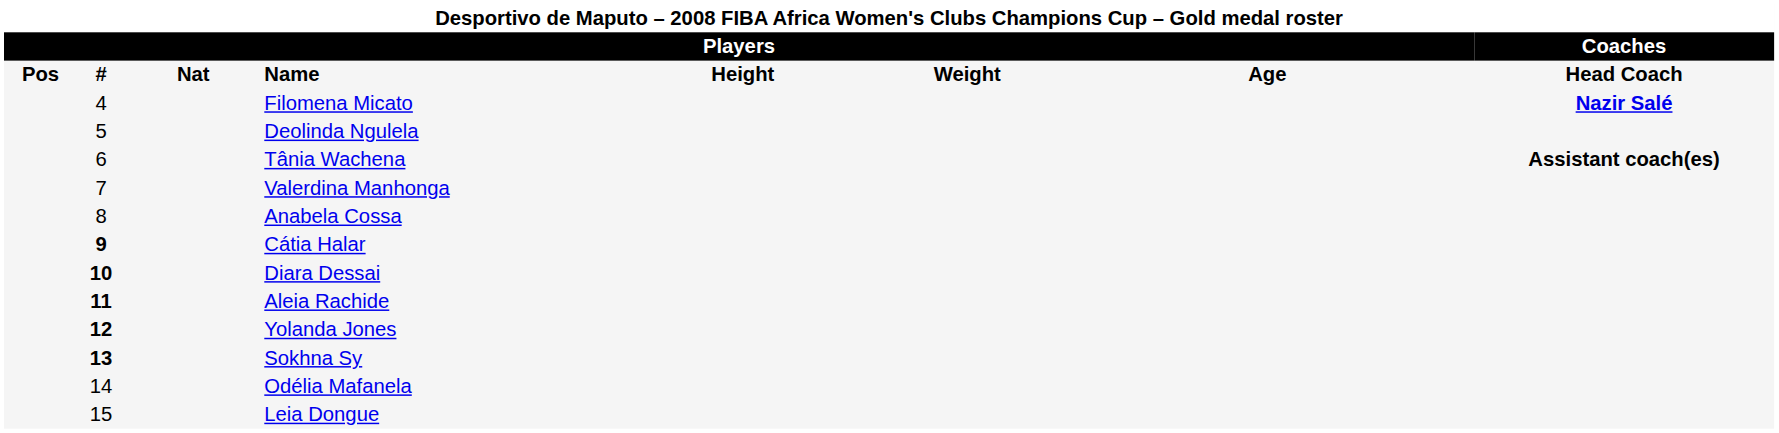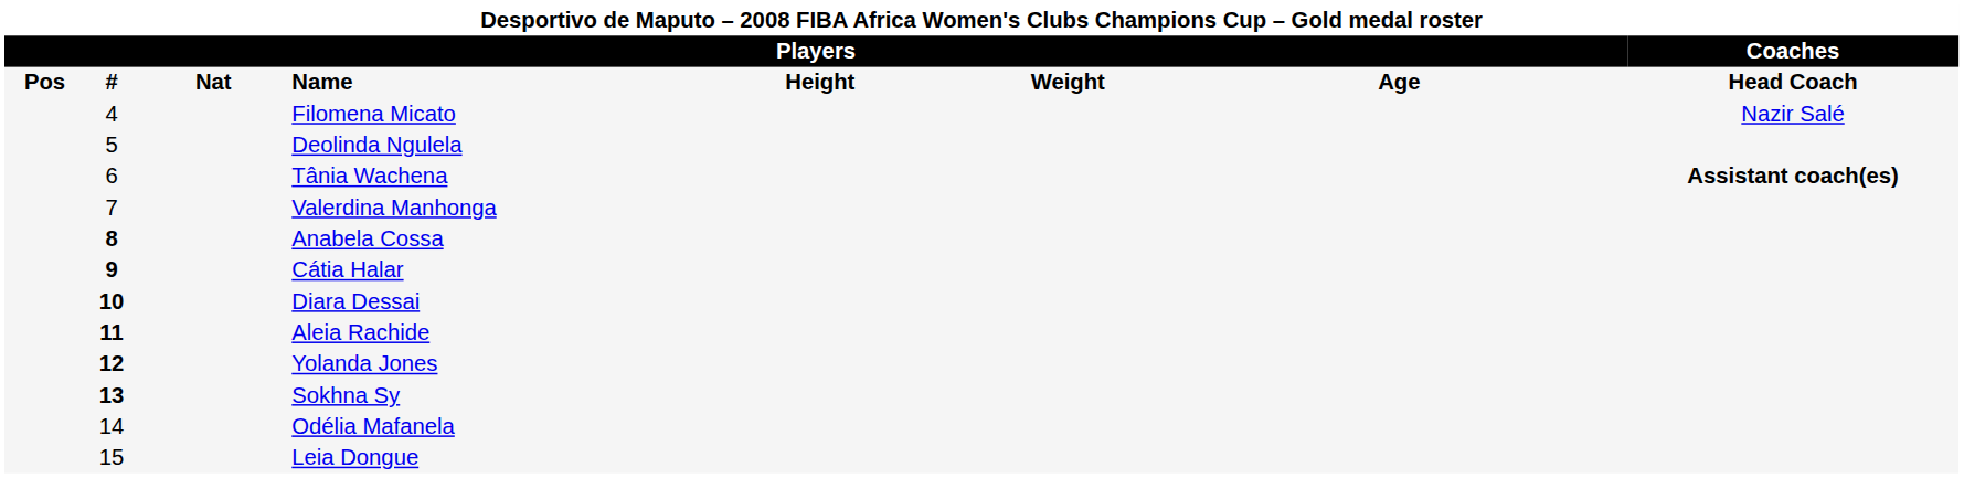 <table border=0 cellpadding=2 cellspacing=0  |- bgcolor=#f5f5f5 style="text-align:center; font-size:85%;" width=75%>
 <tr>
 <td colspan="8" style="background: white; color: black"><strong>Desportivo de Maputo – 2008 FIBA Africa Women's Clubs Champions Cup – Gold medal roster</strong></td>
 </tr>
 <tr>
 <td colspan="7" style="background: black; color: white"><strong>Players</strong></td>
 <td style="background: black; color: white"><strong>Coaches</strong></td>
 </tr>
 <tr style="background=#f5f5f5; color: black">
 <th width=5px>Pos</th>
 <th width=5px>#</th>
 <th width=50px>Nat</th>
 <th width=135px align=left>Name</th>
 <th width=100px>Height</th>
 <th width=70px>Weight</th>
 <th width=160px>Age</th>
 <th width=115px>Head Coach</th>
 </tr>
 <tr>
 <td></td>
 <td>4</td>
 <td></td>
 <td align=left><a href='#'>Filomena Micato</a></td>
 <td></td>
 <td></td>
 <td><span></span></td>
-<td><strong> <a href='#'>Nazir Salé</a></strong></td>
+<td> <a href='#'>Nazir Salé</a></td>
 </tr>
 <tr>
 <td></td>
 <td>5</td>
 <td></td>
 <td align=left><a href='#'>Deolinda Ngulela</a></td>
 <td></td>
 <td></td>
 <td><span></span></td>
 </tr>
 <tr>
 <td></td>
 <td>6</td>
 <td></td>
 <td align=left><a href='#'>Tânia Wachena</a></td>
 <td></td>
 <td></td>
 <td><span></span></td>
 <td><strong>Assistant coach(es)</strong></td>
 </tr>
 <tr>
 <td></td>
 <td>7</td>
 <td></td>
 <td align=left><a href='#'>Valerdina Manhonga</a></td>
 <td></td>
 <td></td>
 <td><span></span></td>
 <td></td>
 </tr>
 <tr>
 <td></td>
-<td>8</td>
+<td><strong>8</strong></td>
 <td></td>
 <td align=left><a href='#'>Anabela Cossa</a></td>
 <td></td>
 <td></td>
 <td><span></span></td>
 <td></td>
 </tr>
 <tr>
 <td></td>
 <td><strong>9</strong></td>
 <td></td>
 <td align=left><a href='#'>Cátia Halar</a></td>
 <td></td>
 <td></td>
 <td><span></span></td>
 </tr>
 <tr>
 <td></td>
 <td><strong>10</strong></td>
 <td></td>
 <td align=left><a href='#'>Diara Dessai</a></td>
 <td></td>
 <td></td>
 <td><span></span></td>
 </tr>
 <tr>
 <td></td>
 <td><strong>11</strong></td>
 <td></td>
 <td align=left><a href='#'>Aleia Rachide</a></td>
 <td></td>
 <td></td>
 <td><span></span></td>
 </tr>
 <tr>
 <td></td>
 <td><strong>12</strong></td>
 <td></td>
 <td align=left><a href='#'>Yolanda Jones</a></td>
 <td></td>
 <td></td>
 <td><span></span></td>
 </tr>
 <tr>
 <td></td>
 <td><strong>13</strong></td>
 <td></td>
 <td align=left><a href='#'>Sokhna Sy</a></td>
 <td></td>
 <td></td>
 <td><span></span></td>
 </tr>
 <tr>
 <td></td>
 <td>14</td>
 <td></td>
 <td align=left><a href='#'>Odélia Mafanela</a></td>
 <td></td>
 <td></td>
 <td><span></span></td>
 </tr>
 <tr>
 <td></td>
 <td>15</td>
 <td></td>
 <td align=left><a href='#'>Leia Dongue</a></td>
 <td></td>
 <td></td>
 <td><span></span></td>
 </tr>
 </table>
